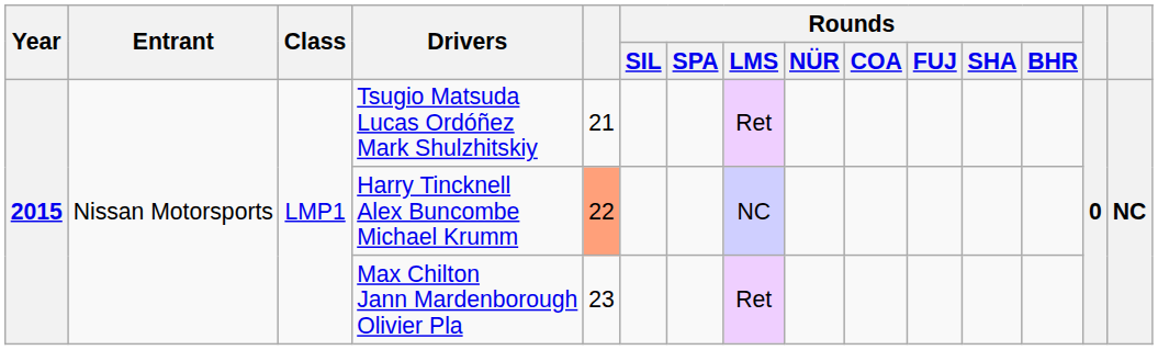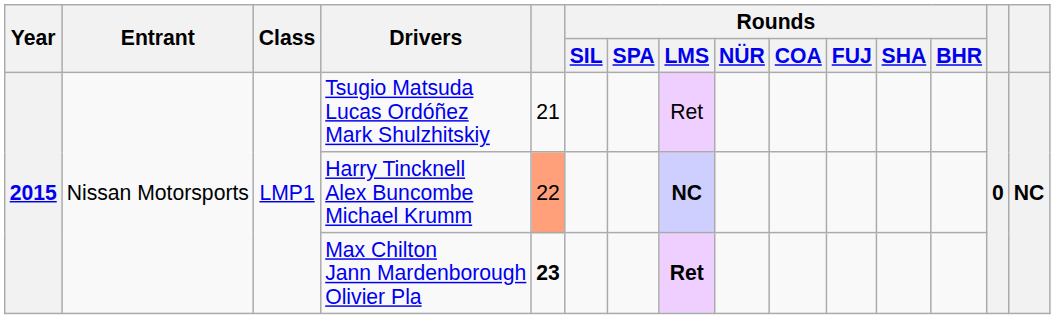 <table class="wikitable" style="text-align:center; font-size:90%">
 <tr>
 <th rowspan="2">Year</th>
 <th rowspan="2">Entrant</th>
 <th rowspan="2">Class</th>
 <th rowspan="2">Drivers</th>
 <th rowspan="2"></th>
 <th colspan="8">Rounds</th>
 <th rowspan="2" scope="col"></th>
 <th rowspan="2" scope="col"></th>
 </tr>
 <tr>
 <th><a href='#'>SIL</a><br></th>
 <th><a href='#'>SPA</a><br></th>
 <th><a href='#'>LMS</a><br></th>
 <th><a href='#'>NÜR</a><br></th>
 <th><a href='#'>COA</a><br></th>
 <th><a href='#'>FUJ</a><br></th>
 <th><a href='#'>SHA</a><br></th>
 <th><a href='#'>BHR</a><br></th>
 </tr>
 <tr>
 <th rowspan="3"><a href='#'>2015</a></th>
 <td rowspan="3" align="left" style="border-left:0px">Nissan Motorsports</td>
 <td rowspan="3"><a href='#'>LMP1</a></td>
 <td align="left " style="border-left:0px"> <a href='#'>Tsugio Matsuda</a><br> <a href='#'>Lucas Ordóñez</a><br> <a href='#'>Mark Shulzhitskiy</a></td>
 <td>21</td>
 <td></td>
 <td></td>
 <td style="background:#EFCFFF;">Ret</td>
 <td></td>
 <td></td>
 <td></td>
 <td></td>
 <td></td>
 <th rowspan="3">0</th>
 <th rowspan="3">NC</th>
 </tr>
 <tr>
 <td align="left " style="border-left:0px"> <a href='#'>Harry Tincknell</a><br> <a href='#'>Alex Buncombe</a><br> <a href='#'>Michael Krumm</a></td>
 <td style="background: lightsalmon;">22</td>
 <td></td>
 <td></td>
-<td style="background:#CFCFFF;">NC</td>
+<td style="background:#CFCFFF;"><strong>NC</strong></td>
 <td></td>
 <td></td>
 <td></td>
 <td></td>
 <td></td>
 </tr>
 <tr>
 <td align="left " style="border-left:0px"> <a href='#'>Max Chilton</a><br> <a href='#'>Jann Mardenborough</a><br> <a href='#'>Olivier Pla</a></td>
-<td>23</td>
+<td><strong>23</strong></td>
 <td></td>
 <td></td>
-<td style="background:#EFCFFF;">Ret</td>
+<td style="background:#EFCFFF;"><strong>Ret</strong></td>
 <td></td>
 <td></td>
 <td></td>
 <td></td>
 <td></td>
 </tr>
 </table>
